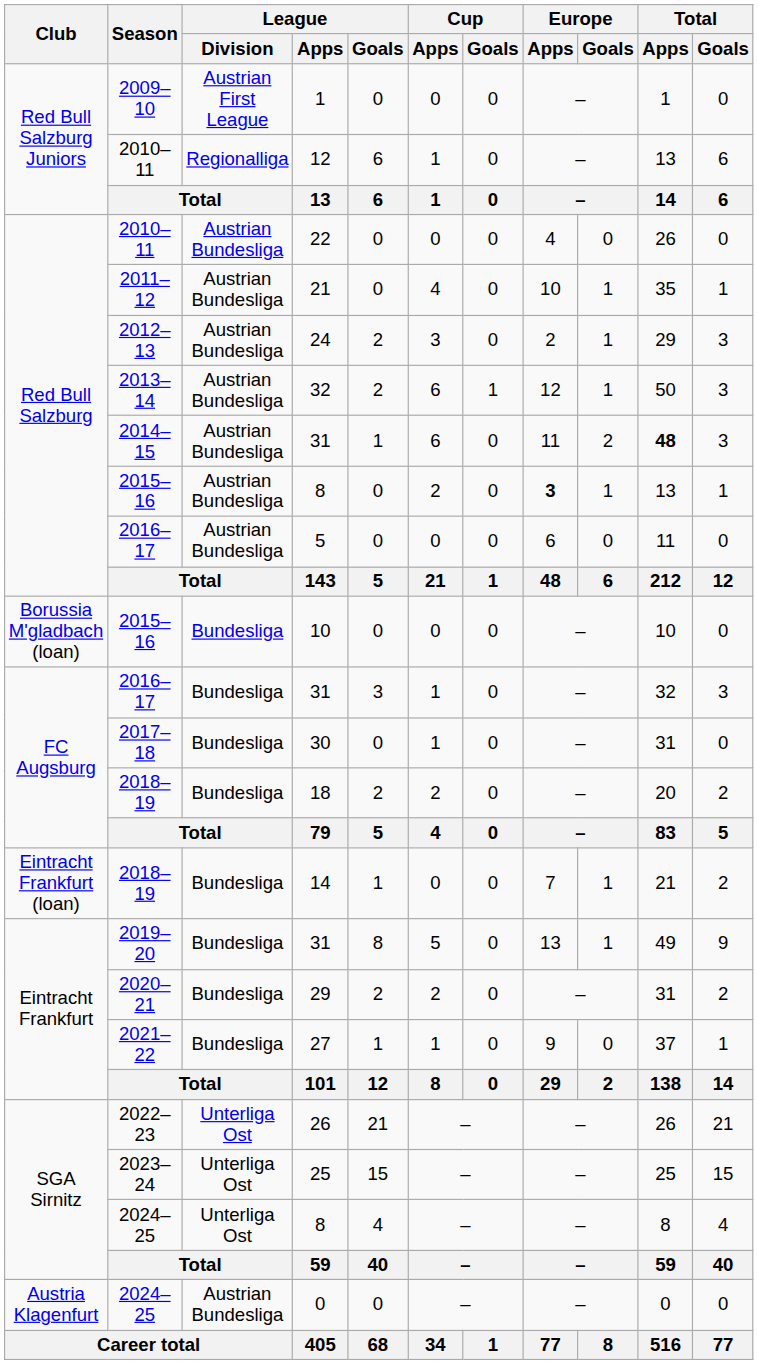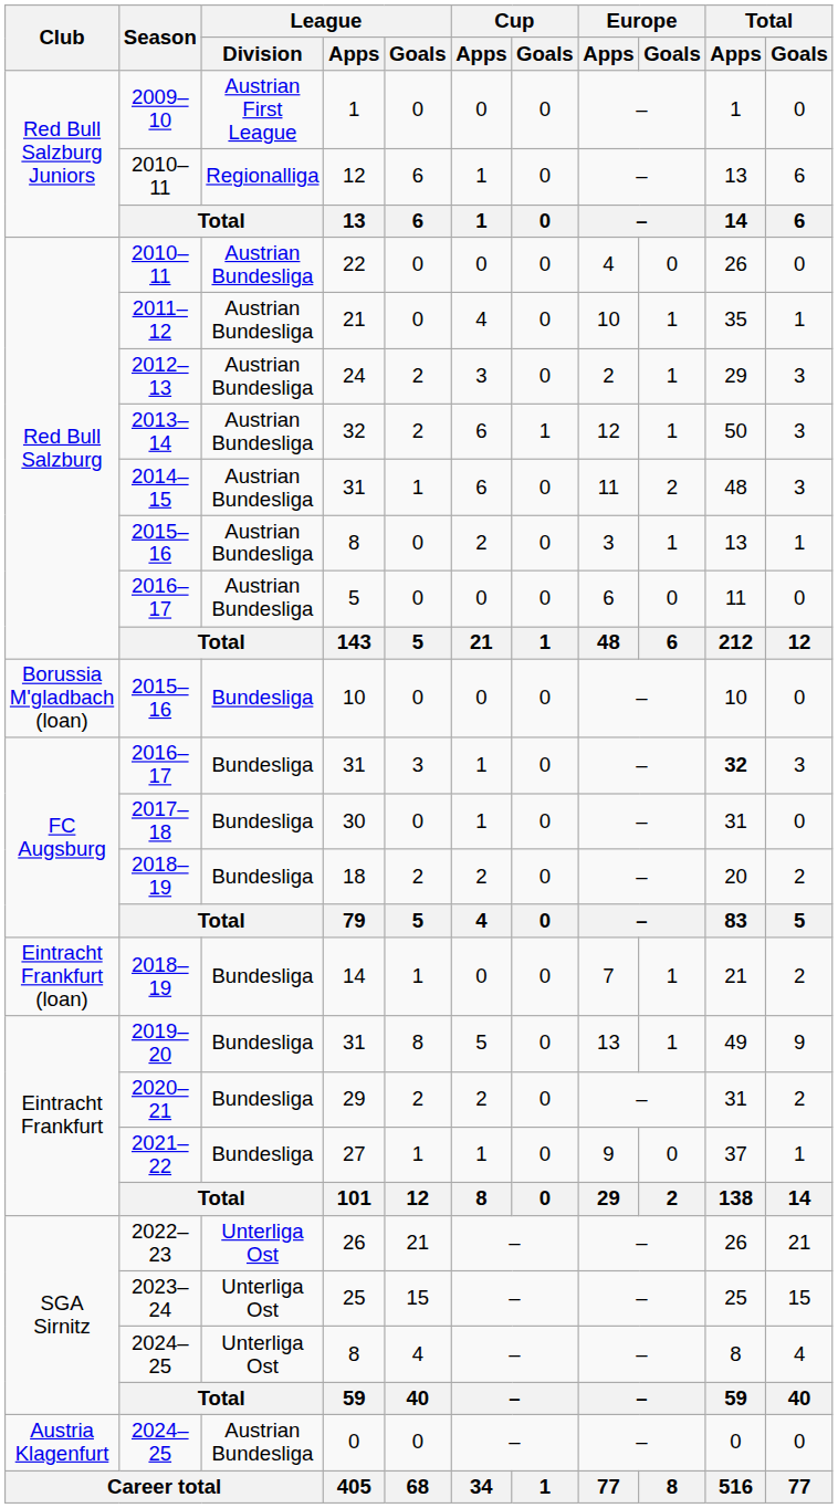 <table class="wikitable nowrap" style="text-align:center">
 <tr>
 <th rowspan="2">Club</th>
 <th rowspan="2">Season</th>
 <th colspan="3">League</th>
 <th colspan="2">Cup</th>
 <th colspan="2">Europe</th>
 <th colspan="2">Total</th>
 </tr>
 <tr>
 <th>Division</th>
 <th>Apps</th>
 <th>Goals</th>
 <th>Apps</th>
 <th>Goals</th>
 <th>Apps</th>
 <th>Goals</th>
 <th>Apps</th>
 <th>Goals</th>
 </tr>
 <tr>
 <td rowspan="3"><a href='#'>Red Bull Salzburg Juniors</a></td>
 <td><a href='#'>2009–10</a></td>
 <td><a href='#'>Austrian First League</a></td>
 <td>1</td>
 <td>0</td>
 <td>0</td>
 <td>0</td>
 <td colspan="2">–</td>
 <td>1</td>
 <td>0</td>
 </tr>
 <tr>
 <td>2010–11</td>
 <td><a href='#'>Regionalliga</a></td>
 <td>12</td>
 <td>6</td>
 <td>1</td>
 <td>0</td>
 <td colspan="2">–</td>
 <td>13</td>
 <td>6</td>
 </tr>
 <tr>
 <th colspan="2">Total</th>
 <th>13</th>
 <th>6</th>
 <th>1</th>
 <th>0</th>
 <th colspan="2">–</th>
 <th>14</th>
 <th>6</th>
 </tr>
 <tr>
 <td rowspan="8"><a href='#'>Red Bull Salzburg</a></td>
 <td><a href='#'>2010–11</a></td>
 <td><a href='#'>Austrian Bundesliga</a></td>
 <td>22</td>
 <td>0</td>
 <td>0</td>
 <td>0</td>
 <td>4</td>
 <td>0</td>
 <td>26</td>
 <td>0</td>
 </tr>
 <tr>
 <td><a href='#'>2011–12</a></td>
 <td>Austrian Bundesliga</td>
 <td>21</td>
 <td>0</td>
 <td>4</td>
 <td>0</td>
 <td>10</td>
 <td>1</td>
 <td>35</td>
 <td>1</td>
 </tr>
 <tr>
 <td><a href='#'>2012–13</a></td>
 <td>Austrian Bundesliga</td>
 <td>24</td>
 <td>2</td>
 <td>3</td>
 <td>0</td>
 <td>2</td>
 <td>1</td>
 <td>29</td>
 <td>3</td>
 </tr>
 <tr>
 <td><a href='#'>2013–14</a></td>
 <td>Austrian Bundesliga</td>
 <td>32</td>
 <td>2</td>
 <td>6</td>
 <td>1</td>
 <td>12</td>
 <td>1</td>
 <td>50</td>
 <td>3</td>
 </tr>
 <tr>
 <td><a href='#'>2014–15</a></td>
 <td>Austrian Bundesliga</td>
 <td>31</td>
 <td>1</td>
 <td>6</td>
 <td>0</td>
 <td>11</td>
 <td>2</td>
-<td><strong>48</strong></td>
+<td>48</td>
 <td>3</td>
 </tr>
 <tr>
 <td><a href='#'>2015–16</a></td>
 <td>Austrian Bundesliga</td>
 <td>8</td>
 <td>0</td>
 <td>2</td>
 <td>0</td>
-<td><strong>3</strong></td>
+<td>3</td>
 <td>1</td>
 <td>13</td>
 <td>1</td>
 </tr>
 <tr>
 <td><a href='#'>2016–17</a></td>
 <td>Austrian Bundesliga</td>
 <td>5</td>
 <td>0</td>
 <td>0</td>
 <td>0</td>
 <td>6</td>
 <td>0</td>
 <td>11</td>
 <td>0</td>
 </tr>
 <tr>
 <th colspan="2">Total</th>
 <th>143</th>
 <th>5</th>
 <th>21</th>
 <th>1</th>
 <th>48</th>
 <th>6</th>
 <th>212</th>
 <th>12</th>
 </tr>
 <tr>
 <td><a href='#'>Borussia M'gladbach</a> (loan)</td>
 <td><a href='#'>2015–16</a></td>
 <td><a href='#'>Bundesliga</a></td>
 <td>10</td>
 <td>0</td>
 <td>0</td>
 <td>0</td>
 <td colspan="2">–</td>
 <td>10</td>
 <td>0</td>
 </tr>
 <tr>
 <td rowspan="4"><a href='#'>FC Augsburg</a></td>
 <td><a href='#'>2016–17</a></td>
 <td>Bundesliga</td>
 <td>31</td>
 <td>3</td>
 <td>1</td>
 <td>0</td>
 <td colspan="2">–</td>
-<td>32</td>
+<td><strong>32</strong></td>
 <td>3</td>
 </tr>
 <tr>
 <td><a href='#'>2017–18</a></td>
 <td>Bundesliga</td>
 <td>30</td>
 <td>0</td>
 <td>1</td>
 <td>0</td>
 <td colspan="2">–</td>
 <td>31</td>
 <td>0</td>
 </tr>
 <tr>
 <td><a href='#'>2018–19</a></td>
 <td>Bundesliga</td>
 <td>18</td>
 <td>2</td>
 <td>2</td>
 <td>0</td>
 <td colspan="2">–</td>
 <td>20</td>
 <td>2</td>
 </tr>
 <tr>
 <th colspan="2">Total</th>
 <th>79</th>
 <th>5</th>
 <th>4</th>
 <th>0</th>
 <th colspan="2">–</th>
 <th>83</th>
 <th>5</th>
 </tr>
 <tr>
 <td><a href='#'>Eintracht Frankfurt</a> (loan)</td>
 <td><a href='#'>2018–19</a></td>
 <td>Bundesliga</td>
 <td>14</td>
 <td>1</td>
 <td>0</td>
 <td>0</td>
 <td>7</td>
 <td>1</td>
 <td>21</td>
 <td>2</td>
 </tr>
 <tr>
 <td rowspan="4">Eintracht Frankfurt</td>
 <td><a href='#'>2019–20</a></td>
 <td>Bundesliga</td>
 <td>31</td>
 <td>8</td>
 <td>5</td>
 <td>0</td>
 <td>13</td>
 <td>1</td>
 <td>49</td>
 <td>9</td>
 </tr>
 <tr>
 <td><a href='#'>2020–21</a></td>
 <td>Bundesliga</td>
 <td>29</td>
 <td>2</td>
 <td>2</td>
 <td>0</td>
 <td colspan="2">–</td>
 <td>31</td>
 <td>2</td>
 </tr>
 <tr>
 <td><a href='#'>2021–22</a></td>
 <td>Bundesliga</td>
 <td>27</td>
 <td>1</td>
 <td>1</td>
 <td>0</td>
 <td>9</td>
 <td>0</td>
 <td>37</td>
 <td>1</td>
 </tr>
 <tr>
 <th colspan="2">Total</th>
 <th>101</th>
 <th>12</th>
 <th>8</th>
 <th>0</th>
 <th>29</th>
 <th>2</th>
 <th>138</th>
 <th>14</th>
 </tr>
 <tr>
 <td rowspan="4">SGA Sirnitz</td>
 <td>2022–23</td>
 <td><a href='#'>Unterliga Ost</a></td>
 <td>26</td>
 <td>21</td>
 <td colspan="2">–</td>
 <td colspan="2">–</td>
 <td>26</td>
 <td>21</td>
 </tr>
 <tr>
 <td>2023–24</td>
 <td>Unterliga Ost</td>
 <td>25</td>
 <td>15</td>
 <td colspan="2">–</td>
 <td colspan="2">–</td>
 <td>25</td>
 <td>15</td>
 </tr>
 <tr>
 <td>2024–25</td>
 <td>Unterliga Ost</td>
 <td>8</td>
 <td>4</td>
 <td colspan="2">–</td>
 <td colspan="2">–</td>
 <td>8</td>
 <td>4</td>
 </tr>
 <tr>
 <th colspan="2">Total</th>
 <th>59</th>
 <th>40</th>
 <th colspan="2">–</th>
 <th colspan="2">–</th>
 <th>59</th>
 <th>40</th>
 </tr>
 <tr>
 <td><a href='#'>Austria Klagenfurt</a></td>
 <td><a href='#'>2024–25</a></td>
 <td>Austrian Bundesliga</td>
 <td>0</td>
 <td>0</td>
 <td colspan="2">–</td>
 <td colspan="2">–</td>
 <td>0</td>
 <td>0</td>
 </tr>
 <tr>
 <th colspan="3">Career total</th>
 <th>405</th>
 <th>68</th>
 <th>34</th>
 <th>1</th>
 <th>77</th>
 <th>8</th>
 <th>516</th>
 <th>77</th>
 </tr>
 </table>
